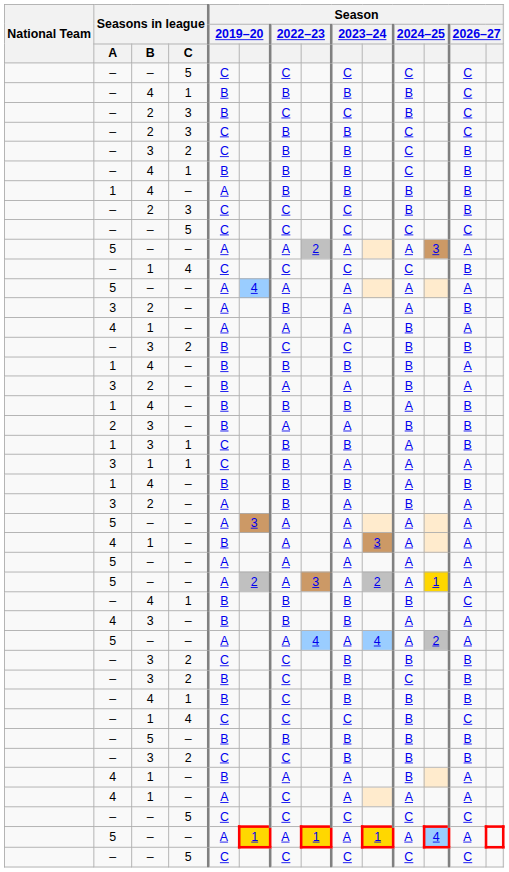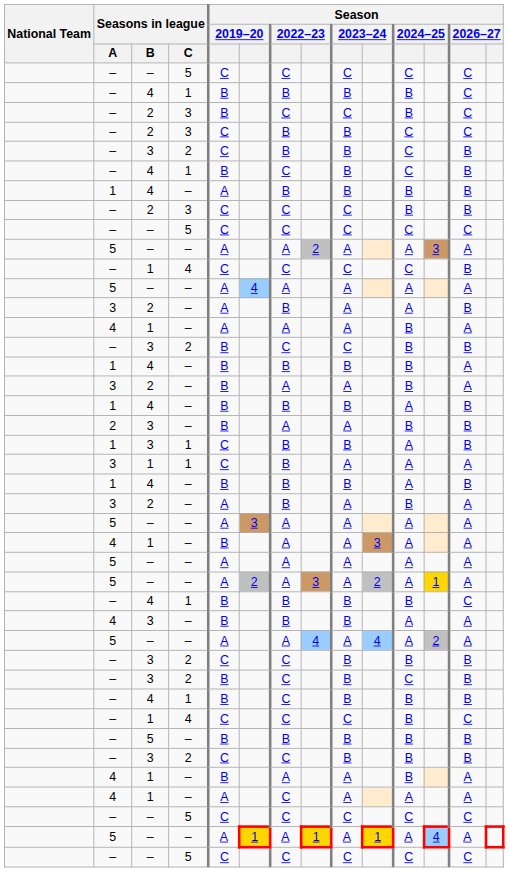 <table class="wikitable sortable" style="text-align:center; font-size:90%">
 <tr>
 <th rowspan="3">National Team</th>
 <th colspan="3" rowspan="2">Seasons in league</th>
 <th colspan="10" style="border-left:3px solid gray">Season</th>
 </tr>
 <tr>
 <th colspan="2" style="border-left:3px solid gray"><a href='#'>2019–20</a></th>
 <th colspan="2" style="border-left:3px solid gray"><a href='#'>2022–23</a></th>
 <th colspan="2" style="border-left:3px solid gray"><a href='#'>2023–24</a></th>
 <th colspan="2" style="border-left:3px solid gray"><a href='#'>2024–25</a></th>
 <th colspan="2" style="border-left:3px solid gray"><a href='#'>2026–27</a></th>
 </tr>
 <tr>
 <th>A</th>
 <th>B</th>
 <th>C</th>
 <th width="28" style="border-left:3px solid gray"><br></th>
 <th width="28"></th>
 <th width="28" style="border-left:3px solid gray"></th>
 <th width="28"></th>
 <th width="28" style="border-left:3px solid gray"></th>
 <th width="28"></th>
 <th width="28" style="border-left:3px solid gray"></th>
 <th></th>
 <th style="border-left:3px solid gray"></th>
 <th></th>
 </tr>
 <tr>
 <td align="left"></td>
 <td>–</td>
 <td>–</td>
 <td>5</td>
 <td style="border-left:3px solid gray"><a href='#'>C</a></td>
 <td></td>
 <td style="border-left:3px solid gray"><a href='#'>C</a></td>
 <td></td>
 <td style="border-left:3px solid gray"><a href='#'>C</a></td>
 <td></td>
 <td style="border-left:3px solid gray"><a href='#'>C</a></td>
 <td></td>
 <td style="border-left:3px solid gray"><a href='#'>C</a></td>
 <td></td>
 </tr>
 <tr>
 <td align="left"></td>
 <td>–</td>
 <td>4</td>
 <td>1</td>
 <td style="border-left:3px solid gray"><a href='#'>B</a></td>
 <td></td>
 <td style="border-left:3px solid gray"><a href='#'>B</a></td>
 <td></td>
 <td style="border-left:3px solid gray"><a href='#'>B</a></td>
 <td></td>
 <td style="border-left:3px solid gray"><a href='#'>B</a></td>
 <td></td>
 <td style="border-left:3px solid gray"><a href='#'>C</a></td>
 <td></td>
 </tr>
 <tr>
 <td align="left"></td>
 <td>–</td>
 <td>2</td>
 <td>3</td>
 <td style="border-left:3px solid gray"><a href='#'>B</a></td>
 <td></td>
 <td style="border-left:3px solid gray"><a href='#'>C</a></td>
 <td></td>
 <td style="border-left:3px solid gray"><a href='#'>C</a></td>
 <td></td>
 <td style="border-left:3px solid gray"><a href='#'>B</a></td>
 <td></td>
 <td style="border-left:3px solid gray"><a href='#'>C</a></td>
 <td></td>
 </tr>
 <tr>
 <td align="left"></td>
 <td>–</td>
 <td>2</td>
 <td>3</td>
 <td style="border-left:3px solid gray"><a href='#'>C</a></td>
 <td></td>
 <td style="border-left:3px solid gray"><a href='#'>B</a></td>
 <td></td>
 <td style="border-left:3px solid gray"><a href='#'>B</a></td>
 <td></td>
 <td style="border-left:3px solid gray"><a href='#'>C</a></td>
 <td></td>
 <td style="border-left:3px solid gray"><a href='#'>C</a></td>
 <td></td>
 </tr>
 <tr>
 <td align="left"></td>
 <td>–</td>
 <td>3</td>
 <td>2</td>
 <td style="border-left:3px solid gray"><a href='#'>C</a></td>
 <td></td>
 <td style="border-left:3px solid gray"><a href='#'>B</a></td>
 <td></td>
 <td style="border-left:3px solid gray"><a href='#'>B</a></td>
 <td></td>
 <td style="border-left:3px solid gray"><a href='#'>C</a></td>
 <td></td>
 <td style="border-left:3px solid gray"><a href='#'>B</a></td>
 <td></td>
 </tr>
 <tr>
 <td align="left"></td>
 <td>–</td>
 <td>4</td>
 <td>1</td>
 <td style="border-left:3px solid gray"><a href='#'>B</a></td>
 <td></td>
-<td style="border-left:3px solid gray"><a href='#'>B</a></td>
+<td style="border-left:3px solid gray"><a href='#'>C</a></td>
 <td></td>
 <td style="border-left:3px solid gray"><a href='#'>B</a></td>
 <td></td>
 <td style="border-left:3px solid gray"><a href='#'>C</a></td>
 <td></td>
 <td style="border-left:3px solid gray"><a href='#'>B</a></td>
 <td></td>
 </tr>
 <tr>
 <td align="left"></td>
 <td>1</td>
 <td>4</td>
 <td>–</td>
 <td style="border-left:3px solid gray"><a href='#'>A</a></td>
 <td></td>
 <td style="border-left:3px solid gray"><a href='#'>B</a></td>
 <td></td>
 <td style="border-left:3px solid gray"><a href='#'>B</a></td>
 <td></td>
 <td style="border-left:3px solid gray"><a href='#'>B</a></td>
 <td></td>
 <td style="border-left:3px solid gray"><a href='#'>B</a></td>
 <td></td>
 </tr>
 <tr>
 <td align="left"></td>
 <td>–</td>
 <td>2</td>
 <td>3</td>
 <td style="border-left:3px solid gray"><a href='#'>C</a></td>
 <td></td>
 <td style="border-left:3px solid gray"><a href='#'>C</a></td>
 <td></td>
 <td style="border-left:3px solid gray"><a href='#'>C</a></td>
 <td></td>
 <td style="border-left:3px solid gray"><a href='#'>B</a></td>
 <td></td>
 <td style="border-left:3px solid gray"><a href='#'>B</a></td>
 <td></td>
 </tr>
 <tr>
 <td align="left"></td>
 <td>–</td>
 <td>–</td>
 <td>5</td>
 <td style="border-left:3px solid gray"><a href='#'>C</a></td>
 <td></td>
 <td style="border-left:3px solid gray"><a href='#'>C</a></td>
 <td></td>
 <td style="border-left:3px solid gray"><a href='#'>C</a></td>
 <td></td>
 <td style="border-left:3px solid gray"><a href='#'>C</a></td>
 <td></td>
 <td style="border-left:3px solid gray"><a href='#'>C</a></td>
 <td></td>
 </tr>
 <tr>
 <td align="left"></td>
 <td>5</td>
 <td>–</td>
 <td>–</td>
 <td style="border-left:3px solid gray"><a href='#'>A</a></td>
 <td></td>
 <td style="border-left:3px solid gray"><a href='#'>A</a></td>
 <td bgcolor="silver"><a href='#'>2</a></td>
 <td style="border-left:3px solid gray"><a href='#'>A</a></td>
 <td bgcolor=#ffebcd></td>
 <td style="border-left:3px solid gray"><a href='#'>A</a></td>
 <td bgcolor="cc9966"><a href='#'>3</a></td>
 <td style="border-left:3px solid gray"><a href='#'>A</a></td>
 <td></td>
 </tr>
 <tr>
 <td align="left"></td>
 <td>–</td>
 <td>1</td>
 <td>4</td>
 <td style="border-left:3px solid gray"><a href='#'>C</a></td>
 <td></td>
 <td style="border-left:3px solid gray"><a href='#'>C</a></td>
 <td></td>
 <td style="border-left:3px solid gray"><a href='#'>C</a></td>
 <td></td>
 <td style="border-left:3px solid gray"><a href='#'>C</a></td>
 <td></td>
 <td style="border-left:3px solid gray"><a href='#'>B</a></td>
 <td></td>
 </tr>
 <tr>
 <td align="left"></td>
 <td>5</td>
 <td>–</td>
 <td>–</td>
 <td style="border-left:3px solid gray"><a href='#'>A</a></td>
 <td bgcolor="9acdff"><a href='#'>4</a></td>
 <td style="border-left:3px solid gray"><a href='#'>A</a></td>
 <td></td>
 <td style="border-left:3px solid gray"><a href='#'>A</a></td>
 <td bgcolor=#ffebcd></td>
 <td style="border-left:3px solid gray"><a href='#'>A</a></td>
 <td bgcolor=#ffebcd></td>
 <td style="border-left:3px solid gray"><a href='#'>A</a></td>
 <td></td>
 </tr>
 <tr>
 <td align="left"></td>
 <td>3</td>
 <td>2</td>
 <td>–</td>
 <td style="border-left:3px solid gray"><a href='#'>A</a></td>
 <td></td>
 <td style="border-left:3px solid gray"><a href='#'>B</a></td>
 <td></td>
 <td style="border-left:3px solid gray"><a href='#'>A</a></td>
 <td></td>
 <td style="border-left:3px solid gray"><a href='#'>A</a></td>
 <td></td>
 <td style="border-left:3px solid gray"><a href='#'>B</a></td>
 <td></td>
 </tr>
 <tr>
 <td align="left"></td>
 <td>4</td>
 <td>1</td>
 <td>–</td>
 <td style="border-left:3px solid gray"><a href='#'>A</a></td>
 <td></td>
 <td style="border-left:3px solid gray"><a href='#'>A</a></td>
 <td></td>
 <td style="border-left:3px solid gray"><a href='#'>A</a></td>
 <td></td>
 <td style="border-left:3px solid gray"><a href='#'>B</a></td>
 <td></td>
 <td style="border-left:3px solid gray"><a href='#'>A</a></td>
 <td></td>
 </tr>
 <tr>
 <td align="left"></td>
 <td>–</td>
 <td>3</td>
 <td>2</td>
 <td style="border-left:3px solid gray"><a href='#'>B</a></td>
 <td></td>
 <td style="border-left:3px solid gray"><a href='#'>C</a></td>
 <td></td>
 <td style="border-left:3px solid gray"><a href='#'>C</a></td>
 <td></td>
 <td style="border-left:3px solid gray"><a href='#'>B</a></td>
 <td></td>
 <td style="border-left:3px solid gray"><a href='#'>B</a></td>
 <td></td>
 </tr>
 <tr>
 <td align="left"></td>
 <td>1</td>
 <td>4</td>
 <td>–</td>
 <td style="border-left:3px solid gray"><a href='#'>B</a></td>
 <td></td>
 <td style="border-left:3px solid gray"><a href='#'>B</a></td>
 <td></td>
 <td style="border-left:3px solid gray"><a href='#'>B</a></td>
 <td></td>
 <td style="border-left:3px solid gray"><a href='#'>B</a></td>
 <td></td>
 <td style="border-left:3px solid gray"><a href='#'>A</a></td>
 <td></td>
 </tr>
 <tr>
 <td align="left"></td>
 <td>3</td>
 <td>2</td>
 <td>–</td>
 <td style="border-left:3px solid gray"><a href='#'>B</a></td>
 <td></td>
 <td style="border-left:3px solid gray"><a href='#'>A</a></td>
 <td></td>
 <td style="border-left:3px solid gray"><a href='#'>A</a></td>
 <td></td>
 <td style="border-left:3px solid gray"><a href='#'>B</a></td>
 <td></td>
 <td style="border-left:3px solid gray"><a href='#'>A</a></td>
 <td></td>
 </tr>
 <tr>
 <td align="left"></td>
 <td>1</td>
 <td>4</td>
 <td>–</td>
 <td style="border-left:3px solid gray"><a href='#'>B</a></td>
 <td></td>
 <td style="border-left:3px solid gray"><a href='#'>B</a></td>
 <td></td>
 <td style="border-left:3px solid gray"><a href='#'>B</a></td>
 <td></td>
 <td style="border-left:3px solid gray"><a href='#'>A</a></td>
 <td></td>
 <td style="border-left:3px solid gray"><a href='#'>B</a></td>
 <td></td>
 </tr>
 <tr>
 <td align="left"></td>
 <td>2</td>
 <td>3</td>
 <td>–</td>
 <td style="border-left:3px solid gray"><a href='#'>B</a></td>
 <td></td>
 <td style="border-left:3px solid gray"><a href='#'>A</a></td>
 <td></td>
 <td style="border-left:3px solid gray"><a href='#'>A</a></td>
 <td></td>
 <td style="border-left:3px solid gray"><a href='#'>B</a></td>
 <td></td>
 <td style="border-left:3px solid gray"><a href='#'>B</a></td>
 <td></td>
 </tr>
 <tr>
 <td align="left"></td>
 <td>1</td>
 <td>3</td>
 <td>1</td>
 <td style="border-left:3px solid gray"><a href='#'>C</a></td>
 <td></td>
 <td style="border-left:3px solid gray"><a href='#'>B</a></td>
 <td></td>
 <td style="border-left:3px solid gray"><a href='#'>B</a></td>
 <td></td>
 <td style="border-left:3px solid gray"><a href='#'>A</a></td>
 <td></td>
 <td style="border-left:3px solid gray"><a href='#'>B</a></td>
 <td></td>
 </tr>
 <tr>
 <td align="left"></td>
 <td>3</td>
 <td>1</td>
 <td>1</td>
 <td style="border-left:3px solid gray"><a href='#'>C</a></td>
 <td></td>
 <td style="border-left:3px solid gray"><a href='#'>B</a></td>
 <td></td>
 <td style="border-left:3px solid gray"><a href='#'>A</a></td>
 <td></td>
 <td style="border-left:3px solid gray"><a href='#'>A</a></td>
 <td></td>
 <td style="border-left:3px solid gray"><a href='#'>A</a></td>
 <td></td>
 </tr>
 <tr>
 <td align="left"></td>
 <td>1</td>
 <td>4</td>
 <td>–</td>
 <td style="border-left:3px solid gray"><a href='#'>B</a></td>
 <td></td>
 <td style="border-left:3px solid gray"><a href='#'>B</a></td>
 <td></td>
 <td style="border-left:3px solid gray"><a href='#'>B</a></td>
 <td></td>
 <td style="border-left:3px solid gray"><a href='#'>A</a></td>
 <td></td>
 <td style="border-left:3px solid gray"><a href='#'>B</a></td>
 <td></td>
 </tr>
 <tr>
 <td align="left"></td>
 <td>3</td>
 <td>2</td>
 <td>–</td>
 <td style="border-left:3px solid gray"><a href='#'>A</a></td>
 <td></td>
 <td style="border-left:3px solid gray"><a href='#'>B</a></td>
 <td></td>
 <td style="border-left:3px solid gray"><a href='#'>A</a></td>
 <td></td>
 <td style="border-left:3px solid gray"><a href='#'>B</a></td>
 <td></td>
 <td style="border-left:3px solid gray"><a href='#'>A</a></td>
 <td></td>
 </tr>
 <tr>
 <td align="left"></td>
 <td>5</td>
 <td>–</td>
 <td>–</td>
 <td style="border-left:3px solid gray"><a href='#'>A</a></td>
 <td bgcolor="cc9966"><a href='#'>3</a></td>
 <td style="border-left:3px solid gray"><a href='#'>A</a></td>
 <td></td>
 <td style="border-left:3px solid gray"><a href='#'>A</a></td>
 <td bgcolor=#ffebcd></td>
 <td style="border-left:3px solid gray"><a href='#'>A</a></td>
 <td bgcolor=#ffebcd></td>
 <td style="border-left:3px solid gray"><a href='#'>A</a></td>
 <td></td>
 </tr>
 <tr>
 <td align="left"></td>
 <td>4</td>
 <td>1</td>
 <td>–</td>
 <td style="border-left:3px solid gray"><a href='#'>B</a></td>
 <td></td>
 <td style="border-left:3px solid gray"><a href='#'>A</a></td>
 <td></td>
 <td style="border-left:3px solid gray"><a href='#'>A</a></td>
 <td bgcolor="cc9966"><a href='#'>3</a></td>
 <td style="border-left:3px solid gray"><a href='#'>A</a></td>
 <td bgcolor=#ffebcd></td>
 <td style="border-left:3px solid gray"><a href='#'>A</a></td>
 <td></td>
 </tr>
 <tr>
 <td align="left"></td>
 <td>5</td>
 <td>–</td>
 <td>–</td>
 <td style="border-left:3px solid gray"><a href='#'>A</a></td>
 <td></td>
 <td style="border-left:3px solid gray"><a href='#'>A</a></td>
 <td></td>
 <td style="border-left:3px solid gray"><a href='#'>A</a></td>
 <td></td>
 <td style="border-left:3px solid gray"><a href='#'>A</a></td>
 <td></td>
 <td style="border-left:3px solid gray"><a href='#'>A</a></td>
 <td></td>
 </tr>
 <tr>
 <td align="left"></td>
 <td>5</td>
 <td>–</td>
 <td>–</td>
 <td style="border-left:3px solid gray"><a href='#'>A</a></td>
 <td bgcolor="silver"><a href='#'>2</a></td>
 <td style="border-left:3px solid gray"><a href='#'>A</a></td>
 <td bgcolor="cc9966"><a href='#'>3</a></td>
 <td style="border-left:3px solid gray"><a href='#'>A</a></td>
 <td bgcolor="silver"><a href='#'>2</a></td>
 <td style="border-left:3px solid gray"><a href='#'>A</a></td>
 <td bgcolor="gold"><a href='#'>1</a></td>
 <td style="border-left:3px solid gray"><a href='#'>A</a></td>
 <td></td>
 </tr>
 <tr>
 <td align="left"></td>
 <td>–</td>
 <td>4</td>
 <td>1</td>
 <td style="border-left:3px solid gray"><a href='#'>B</a></td>
 <td></td>
 <td style="border-left:3px solid gray"><a href='#'>B</a></td>
 <td></td>
 <td style="border-left:3px solid gray"><a href='#'>B</a></td>
 <td></td>
 <td style="border-left:3px solid gray"><a href='#'>B</a></td>
 <td></td>
 <td style="border-left:3px solid gray"><a href='#'>C</a></td>
 <td></td>
 </tr>
 <tr>
 <td align="left"></td>
 <td>4</td>
 <td>3</td>
 <td>–</td>
 <td style="border-left:3px solid gray"><a href='#'>B</a></td>
 <td></td>
 <td style="border-left:3px solid gray"><a href='#'>B</a></td>
 <td></td>
 <td style="border-left:3px solid gray"><a href='#'>B</a></td>
 <td></td>
 <td style="border-left:3px solid gray"><a href='#'>A</a></td>
 <td></td>
 <td style="border-left:3px solid gray"><a href='#'>A</a></td>
 <td></td>
 </tr>
 <tr>
 <td align="left"></td>
 <td>5</td>
 <td>–</td>
 <td>–</td>
 <td style="border-left:3px solid gray"><a href='#'>A</a></td>
 <td></td>
 <td style="border-left:3px solid gray"><a href='#'>A</a></td>
 <td bgcolor="9acdff"><a href='#'>4</a></td>
 <td style="border-left:3px solid gray"><a href='#'>A</a></td>
 <td bgcolor="9acdff"><a href='#'>4</a></td>
 <td style="border-left:3px solid gray"><a href='#'>A</a></td>
 <td bgcolor="silver"><a href='#'>2</a></td>
 <td style="border-left:3px solid gray"><a href='#'>A</a></td>
 <td></td>
 </tr>
 <tr>
 <td align="left"></td>
 <td>–</td>
 <td>3</td>
 <td>2</td>
 <td style="border-left:3px solid gray"><a href='#'>C</a></td>
 <td></td>
 <td style="border-left:3px solid gray"><a href='#'>C</a></td>
 <td></td>
 <td style="border-left:3px solid gray"><a href='#'>B</a></td>
 <td></td>
 <td style="border-left:3px solid gray"><a href='#'>B</a></td>
 <td></td>
 <td style="border-left:3px solid gray"><a href='#'>B</a></td>
 <td></td>
 </tr>
 <tr>
 <td align="left"></td>
 <td>–</td>
 <td>3</td>
 <td>2</td>
 <td style="border-left:3px solid gray"><a href='#'>B</a></td>
 <td></td>
 <td style="border-left:3px solid gray"><a href='#'>C</a></td>
 <td></td>
 <td style="border-left:3px solid gray"><a href='#'>B</a></td>
 <td></td>
 <td style="border-left:3px solid gray"><a href='#'>C</a></td>
 <td></td>
 <td style="border-left:3px solid gray"><a href='#'>B</a></td>
 <td></td>
 </tr>
 <tr>
 <td align="left"></td>
 <td>–</td>
 <td>4</td>
 <td>1</td>
 <td style="border-left:3px solid gray"><a href='#'>B</a></td>
 <td></td>
 <td style="border-left:3px solid gray"><a href='#'>C</a></td>
 <td></td>
 <td style="border-left:3px solid gray"><a href='#'>B</a></td>
 <td></td>
 <td style="border-left:3px solid gray"><a href='#'>B</a></td>
 <td></td>
 <td style="border-left:3px solid gray"><a href='#'>B</a></td>
 <td></td>
 </tr>
 <tr>
 <td align="left"></td>
 <td>–</td>
 <td>1</td>
 <td>4</td>
 <td style="border-left:3px solid gray"><a href='#'>C</a></td>
 <td></td>
 <td style="border-left:3px solid gray"><a href='#'>C</a></td>
 <td></td>
 <td style="border-left:3px solid gray"><a href='#'>C</a></td>
 <td></td>
 <td style="border-left:3px solid gray"><a href='#'>B</a></td>
 <td></td>
 <td style="border-left:3px solid gray"><a href='#'>C</a></td>
 <td></td>
 </tr>
 <tr>
 <td align="left"></td>
 <td>–</td>
 <td>5</td>
 <td>–</td>
 <td style="border-left:3px solid gray"><a href='#'>B</a></td>
 <td></td>
 <td style="border-left:3px solid gray"><a href='#'>B</a></td>
 <td></td>
 <td style="border-left:3px solid gray"><a href='#'>B</a></td>
 <td></td>
 <td style="border-left:3px solid gray"><a href='#'>B</a></td>
 <td></td>
 <td style="border-left:3px solid gray"><a href='#'>B</a></td>
 <td></td>
 </tr>
 <tr>
 <td align="left"></td>
 <td>–</td>
 <td>3</td>
 <td>2</td>
 <td style="border-left:3px solid gray"><a href='#'>C</a></td>
 <td></td>
 <td style="border-left:3px solid gray"><a href='#'>C</a></td>
 <td></td>
 <td style="border-left:3px solid gray"><a href='#'>B</a></td>
 <td></td>
 <td style="border-left:3px solid gray"><a href='#'>B</a></td>
 <td></td>
 <td style="border-left:3px solid gray"><a href='#'>B</a></td>
 <td></td>
 </tr>
 <tr>
 <td align="left"></td>
 <td>4</td>
 <td>1</td>
 <td>–</td>
 <td style="border-left:3px solid gray"><a href='#'>B</a></td>
 <td></td>
 <td style="border-left:3px solid gray"><a href='#'>A</a></td>
 <td></td>
 <td style="border-left:3px solid gray"><a href='#'>A</a></td>
 <td></td>
 <td style="border-left:3px solid gray"><a href='#'>B</a></td>
 <td bgcolor=#ffebcd></td>
 <td style="border-left:3px solid gray"><a href='#'>A</a></td>
 <td></td>
 </tr>
 <tr>
 <td align="left"></td>
 <td>4</td>
 <td>1</td>
 <td>–</td>
 <td style="border-left:3px solid gray"><a href='#'>A</a></td>
 <td></td>
 <td style="border-left:3px solid gray"><a href='#'>C</a></td>
 <td></td>
 <td style="border-left:3px solid gray"><a href='#'>A</a></td>
 <td bgcolor=#ffebcd></td>
 <td style="border-left:3px solid gray"><a href='#'>A</a></td>
 <td></td>
 <td style="border-left:3px solid gray"><a href='#'>A</a></td>
 <td></td>
 </tr>
 <tr>
 <td align="left"></td>
 <td>–</td>
 <td>–</td>
 <td>5</td>
 <td style="border-left:3px solid gray"><a href='#'>C</a></td>
 <td></td>
 <td style="border-left:3px solid gray"><a href='#'>C</a></td>
 <td></td>
 <td style="border-left:3px solid gray"><a href='#'>C</a></td>
 <td></td>
 <td style="border-left:3px solid gray"><a href='#'>C</a></td>
 <td></td>
 <td style="border-left:3px solid gray"><a href='#'>C</a></td>
 <td></td>
 </tr>
 <tr>
 <td align="left"></td>
 <td>5</td>
 <td>–</td>
 <td>–</td>
 <td style="border-left:3px solid gray"><a href='#'>A</a></td>
 <td style="border: 3px solid red; background-color: gold"><a href='#'>1</a></td>
 <td style="border-left:3px solid gray"><a href='#'>A</a></td>
 <td style="border: 3px solid red; background-color: gold"><a href='#'>1</a></td>
 <td style="border-left:3px solid gray"><a href='#'>A</a></td>
 <td style="border: 3px solid red; background-color: gold"><a href='#'>1</a></td>
 <td style="border-left:3px solid gray"><a href='#'>A</a></td>
 <td style="border: 3px solid red; background-color:#9acdff"><a href='#'>4</a></td>
 <td style="border-left:3px solid gray"><a href='#'>A</a></td>
 <td style="border: 3px solid red; background-color: "></td>
 </tr>
 <tr>
 <td align="left"></td>
 <td>–</td>
 <td>–</td>
 <td>5</td>
 <td style="border-left:3px solid gray"><a href='#'>C</a></td>
 <td></td>
 <td style="border-left:3px solid gray"><a href='#'>C</a></td>
 <td></td>
 <td style="border-left:3px solid gray"><a href='#'>C</a></td>
 <td></td>
 <td style="border-left:3px solid gray"><a href='#'>C</a></td>
 <td></td>
 <td style="border-left:3px solid gray"><a href='#'>C</a></td>
 <td></td>
 </tr>
 </table>
